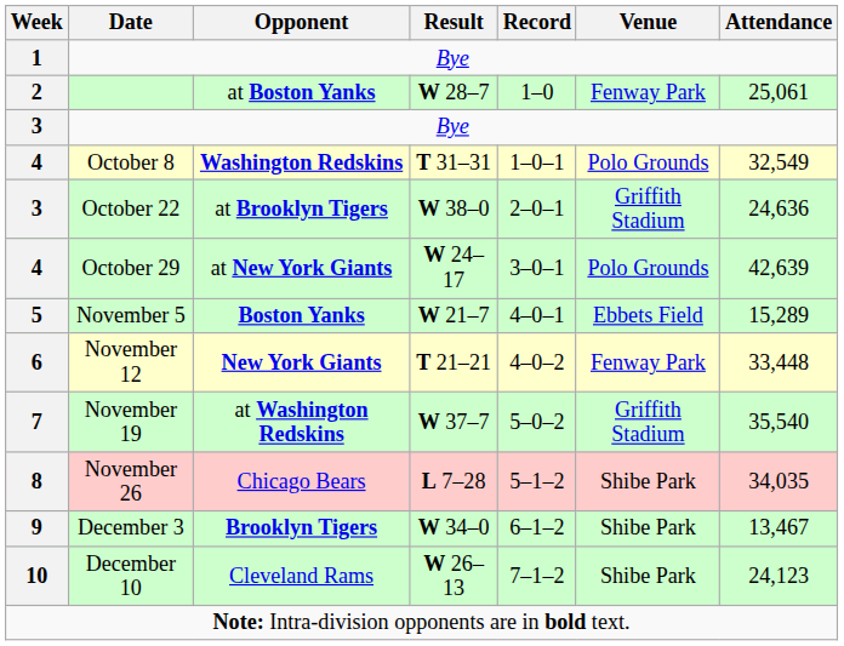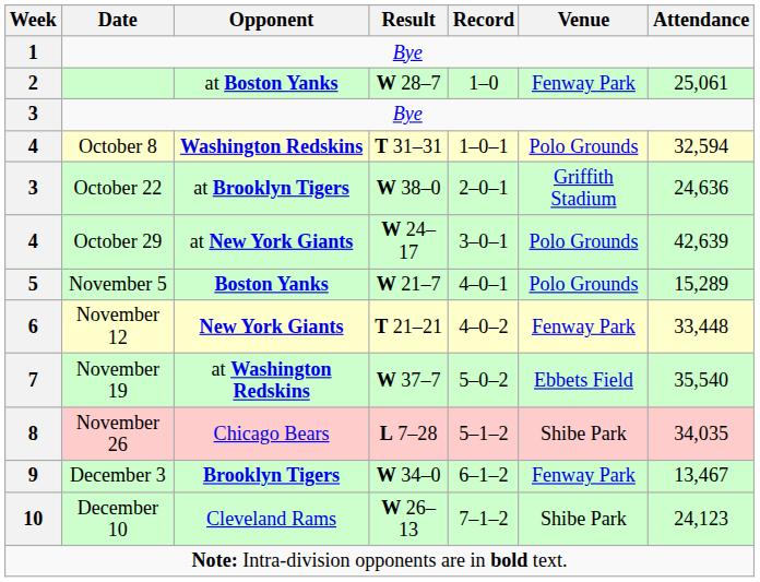 <table class="wikitable" style="text-align:center">
 <tr>
 <th>Week</th>
 <th>Date</th>
 <th>Opponent</th>
 <th>Result</th>
 <th>Record</th>
 <th>Venue</th>
 <th>Attendance</th>
 </tr>
 <tr>
 <th>1</th>
 <td colspan="6"><em><a href='#'>Bye</a></em></td>
 </tr>
 <tr style="background:#cfc">
 <th>2</th>
 <td></td>
 <td>at <strong><a href='#'>Boston Yanks</a></strong></td>
 <td><strong>W</strong> 28–7</td>
 <td>1–0</td>
 <td><a href='#'>Fenway Park</a></td>
 <td>25,061</td>
 </tr>
 <tr>
 <th>3</th>
 <td colspan="6"><em><a href='#'>Bye</a></em></td>
 </tr>
 <tr style="background:#ffc">
 <th>4</th>
 <td>October 8</td>
 <td><strong><a href='#'>Washington Redskins</a></strong></td>
 <td><strong>T</strong> 31–31</td>
 <td>1–0–1</td>
 <td><a href='#'>Polo Grounds</a></td>
-<td>32,549</td>
+<td>32,594</td>
 </tr>
 <tr style="background:#cfc">
 <th>3</th>
 <td>October 22</td>
 <td>at <strong><a href='#'>Brooklyn Tigers</a></strong></td>
 <td><strong>W</strong> 38–0</td>
 <td>2–0–1</td>
 <td><a href='#'>Griffith Stadium</a></td>
 <td>24,636</td>
 </tr>
 <tr style="background:#cfc">
 <th>4</th>
 <td>October 29</td>
 <td>at <strong><a href='#'>New York Giants</a></strong></td>
 <td><strong>W</strong> 24–17</td>
 <td>3–0–1</td>
 <td><a href='#'>Polo Grounds</a></td>
 <td>42,639</td>
 </tr>
 <tr style="background:#cfc">
 <th>5</th>
 <td>November 5</td>
 <td><strong><a href='#'>Boston Yanks</a></strong></td>
 <td><strong>W</strong> 21–7</td>
 <td>4–0–1</td>
-<td><a href='#'>Ebbets Field</a></td>
+<td><a href='#'>Polo Grounds</a></td>
 <td>15,289</td>
 </tr>
 <tr style="background:#ffc">
 <th>6</th>
 <td>November 12</td>
 <td><strong><a href='#'>New York Giants</a></strong></td>
 <td><strong>T</strong> 21–21</td>
 <td>4–0–2</td>
 <td><a href='#'>Fenway Park</a></td>
 <td>33,448</td>
 </tr>
 <tr style="background:#cfc">
 <th>7</th>
 <td>November 19</td>
 <td>at <strong><a href='#'>Washington Redskins</a></strong></td>
 <td><strong>W</strong> 37–7</td>
 <td>5–0–2</td>
-<td><a href='#'>Griffith Stadium</a></td>
+<td><a href='#'>Ebbets Field</a></td>
 <td>35,540</td>
 </tr>
 <tr style="background:#fcc">
 <th>8</th>
 <td>November 26</td>
 <td><a href='#'>Chicago Bears</a></td>
 <td><strong>L</strong> 7–28</td>
 <td>5–1–2</td>
 <td>Shibe Park</td>
 <td>34,035</td>
 </tr>
 <tr style="background:#cfc">
 <th>9</th>
 <td>December 3</td>
 <td><strong><a href='#'>Brooklyn Tigers</a></strong></td>
 <td><strong>W</strong> 34–0</td>
 <td>6–1–2</td>
-<td>Shibe Park</td>
+<td><a href='#'>Fenway Park</a></td>
 <td>13,467</td>
 </tr>
 <tr style="background:#cfc">
 <th>10</th>
 <td>December 10</td>
 <td><a href='#'>Cleveland Rams</a></td>
 <td><strong>W</strong> 26–13</td>
 <td>7–1–2</td>
 <td>Shibe Park</td>
 <td>24,123</td>
 </tr>
 <tr>
 <td colspan="8"><strong>Note:</strong> Intra-division opponents are in <strong>bold</strong> text.</td>
 </tr>
 </table>
